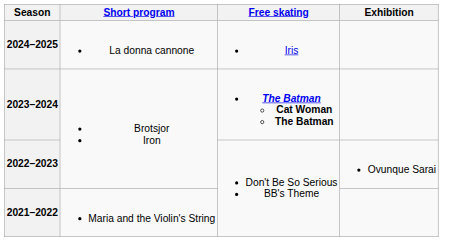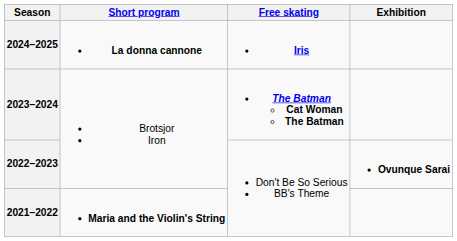 <table class=wikitable style=text-align:center>
 <tr>
 <th>Season</th>
 <th><a href='#'>Short program</a></th>
 <th><a href='#'>Free skating</a></th>
 <th>Exhibition</th>
 </tr>
 <tr>
 <th>2024–2025 <br> </th>
-<td><br><ul><li>La donna cannone <br> </li></ul></td>
-<td><br><ul><li><a href='#'>Iris</a> <br> </li></ul></td>
+<td><strong><br><ul><li>La donna cannone <br> </li></ul></strong></td>
+<td><strong><br><ul><li><a href='#'>Iris</a> <br> </li></ul></strong></td>
 <td></td>
 </tr>
 <tr>
 <th>2023–2024 <br> </th>
 <td rowspan=2><br><ul><li>Brotsjor <br></li><li>Iron <br></li></ul></td>
 <td><strong><br><ul><li><em><a href='#'>The Batman</a></em><ul><li>Cat Woman</li><li>The Batman <br></li></ul></li></ul></strong></td>
 <td></td>
 </tr>
 <tr>
 <th>2022–2023 <br> </th>
 <td rowspan=2><br><ul><li>Don't Be So Serious <br></li><li>BB's Theme <br> <br></li></ul></td>
-<td><br><ul><li>Ovunque Sarai <br></li></ul></td>
+<td><strong><br><ul><li>Ovunque Sarai <br></li></ul></strong></td>
 </tr>
 <tr>
 <th>2021–2022 <br> </th>
-<td><br><ul><li>Maria and the Violin's String <br></li></ul></td>
+<td><strong><br><ul><li>Maria and the Violin's String <br></li></ul></strong></td>
 <td></td>
 </tr>
 </table>
